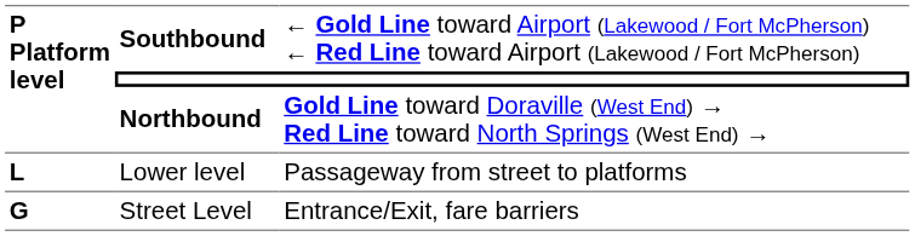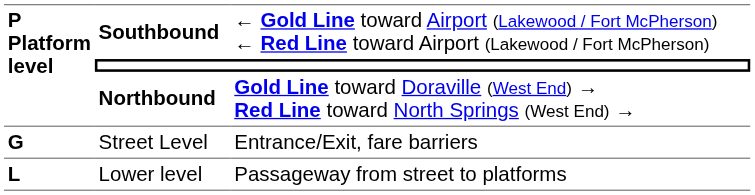 <table border=0 cellspacing=0 cellpadding=3>
 <tr>
 <td style="border-top:solid 1px gray;border-bottom:solid 1px gray;" width=50 rowspan=3 valign=top><strong>P<br>Platform level</strong></td>
 <td style="border-top:solid 1px gray;" width=100><strong>Southbound</strong></td>
 <td style="border-top:solid 1px gray;" width=400>← <a href='#'><span><strong>Gold Line</strong></span></a> toward <a href='#'>Airport</a> <small>(<a href='#'>Lakewood / Fort McPherson</a>)</small><br>← <a href='#'><span><strong>Red Line</strong></span></a> toward Airport <small>(Lakewood / Fort McPherson)</small></td>
 </tr>
 <tr>
 <td style="border: 2px solid black; border-image: none; text-align: center;" colspan="2"></td>
 </tr>
 <tr>
 <td style="border-bottom:solid 1px gray;"><strong>Northbound</strong></td>
 <td style="border-bottom:solid 1px gray;"> <a href='#'><span><strong>Gold Line</strong></span></a> toward <a href='#'>Doraville</a> <small>(<a href='#'>West End</a>)</small> →<br> <a href='#'><span><strong>Red Line</strong></span></a> toward <a href='#'>North Springs</a> <small>(West End)</small> →</td>
 </tr>
 <tr>
+<td style="border-bottom:solid 1px gray;" width=50 valign=top><strong>G</strong></td>
+<td style="border-bottom:solid 1px gray;" width=100 valign=top>Street Level</td>
+<td style="border-bottom:solid 1px gray;" width=400 valign=top>Entrance/Exit, fare barriers</td>
+</tr>
+<tr>
 <td style="border-bottom:solid 1px gray;" width=50 valign=top><strong>L</strong></td>
 <td style="border-bottom:solid 1px gray;" width=100 valign=top>Lower level</td>
 <td style="border-bottom:solid 1px gray;" width=400 valign=top>Passageway from street to platforms</td>
 </tr>
-<tr>
-<td style="border-bottom:solid 1px gray;" width=50 valign=top><strong>G</strong></td>
-<td style="border-bottom:solid 1px gray;" width=100 valign=top>Street Level</td>
-<td style="border-bottom:solid 1px gray;" width=400 valign=top>Entrance/Exit, fare barriers</td>
-</tr>
 </table>
